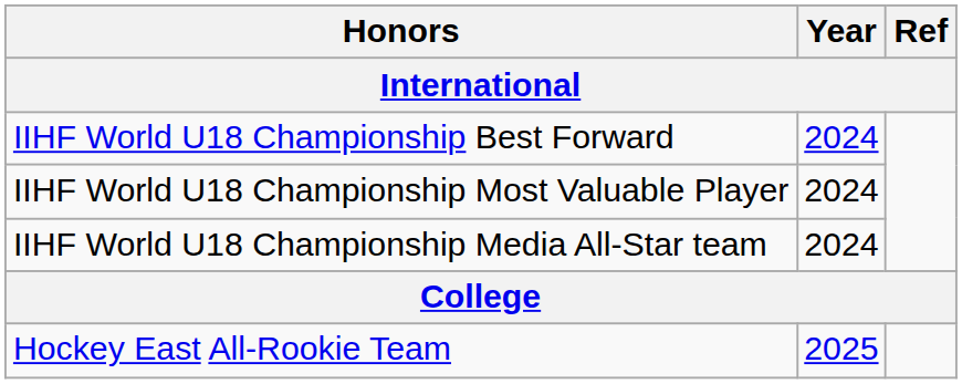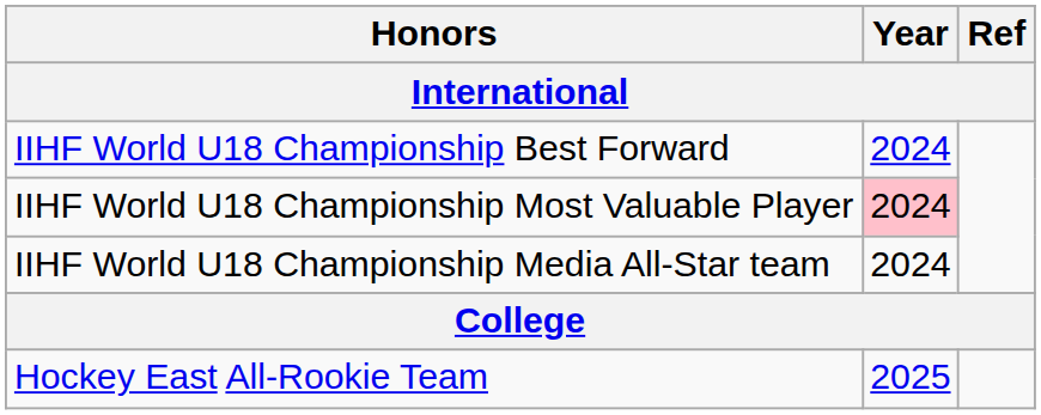 <table class="wikitable">
 <tr>
 <th>Honors</th>
 <th>Year</th>
 <th>Ref</th>
 </tr>
 <tr>
 <th colspan="3"><a href='#'>International</a></th>
 </tr>
 <tr>
 <td><a href='#'>IIHF World U18 Championship</a> Best Forward</td>
 <td><a href='#'>2024</a></td>
 <td rowspan="3"></td>
 </tr>
 <tr>
 <td>IIHF World U18 Championship Most Valuable Player</td>
-<td>2024</td>
+<td style="background: pink;">2024</td>
 </tr>
 <tr>
 <td>IIHF World U18 Championship Media All-Star team</td>
 <td>2024</td>
 </tr>
 <tr>
 <th colspan="3"><a href='#'>College</a></th>
 </tr>
 <tr>
 <td><a href='#'>Hockey East</a> <a href='#'>All-Rookie Team</a></td>
 <td><a href='#'>2025</a></td>
 </tr>
 </table>
